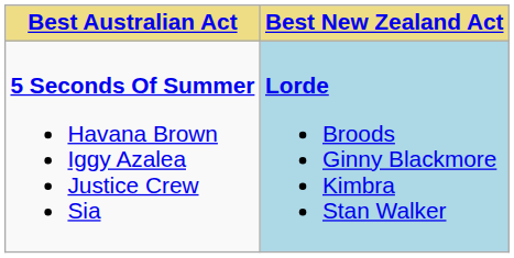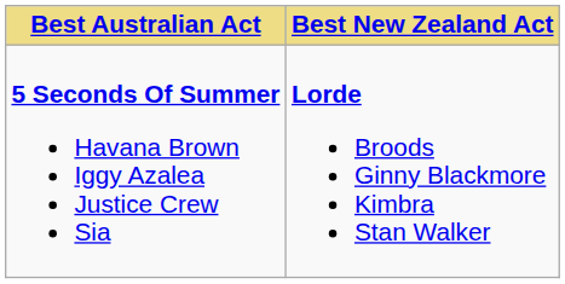 <table class=wikitable style="width=100%">
 <tr>
 <th style="background:#EEDD85; width=50%"><a href='#'>Best Australian Act</a></th>
 <th style="background:#EEDD85; width=50%"><a href='#'>Best New Zealand Act</a></th>
 </tr>
 <tr>
 <td valign="top"><br><strong><a href='#'>5 Seconds Of Summer</a></strong><ul><li><a href='#'>Havana Brown</a></li><li><a href='#'>Iggy Azalea</a></li><li><a href='#'>Justice Crew</a></li><li><a href='#'>Sia</a></li></ul></td>
-<td valign="top" style="background: lightblue;"><br><strong><a href='#'>Lorde</a></strong><ul><li><a href='#'>Broods</a></li><li><a href='#'>Ginny Blackmore</a></li><li><a href='#'>Kimbra</a></li><li><a href='#'>Stan Walker</a></li></ul></td>
+<td valign="top"><br><strong><a href='#'>Lorde</a></strong><ul><li><a href='#'>Broods</a></li><li><a href='#'>Ginny Blackmore</a></li><li><a href='#'>Kimbra</a></li><li><a href='#'>Stan Walker</a></li></ul></td>
 </tr>
 </table>
